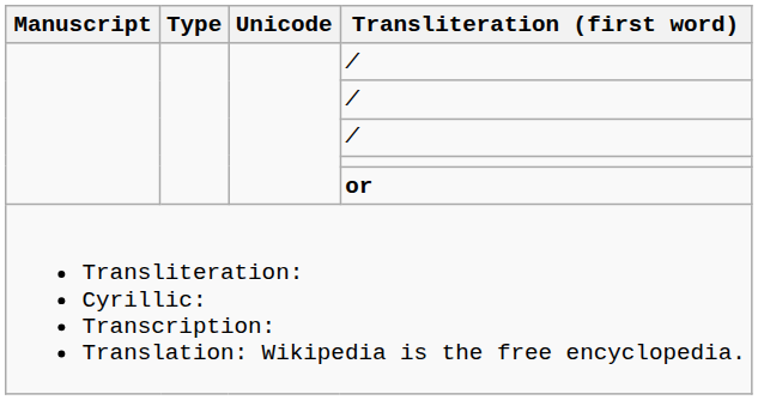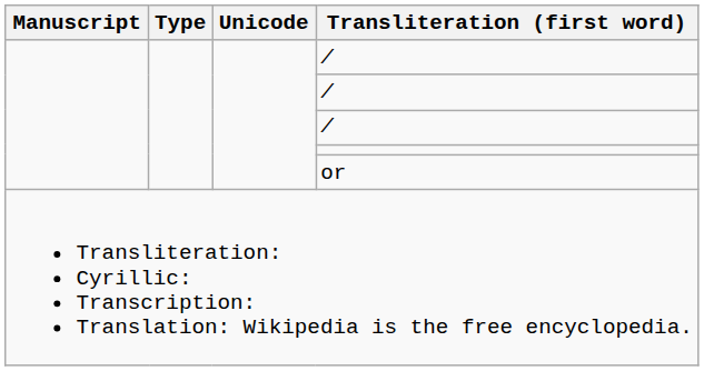 <table class="wikitable">
 <tr>
 <th>Manuscript</th>
 <th>Type</th>
 <th>Unicode</th>
 <th>Transliteration (first word)</th>
 </tr>
 <tr>
 <td rowspan=5 valign="top"></td>
 <td rowspan=5 valign="top"></td>
 <td rowspan=5 valign="top"></td>
 <td> <em>/</em></td>
 </tr>
 <tr>
 <td> <em>/</em></td>
 </tr>
 <tr>
 <td> <em>/</em></td>
 </tr>
 <tr>
 <td> <em></em></td>
 </tr>
 <tr>
-<td><strong> <em></em> or  <em></em></strong></td>
+<td> <em></em> or  <em></em></td>
 </tr>
 <tr>
 <td colspan=4><br><ul><li>Transliteration: </li><li>Cyrillic: </li><li>Transcription: </li><li>Translation: Wikipedia is the free encyclopedia.</li></ul></td>
 </tr>
 </table>
